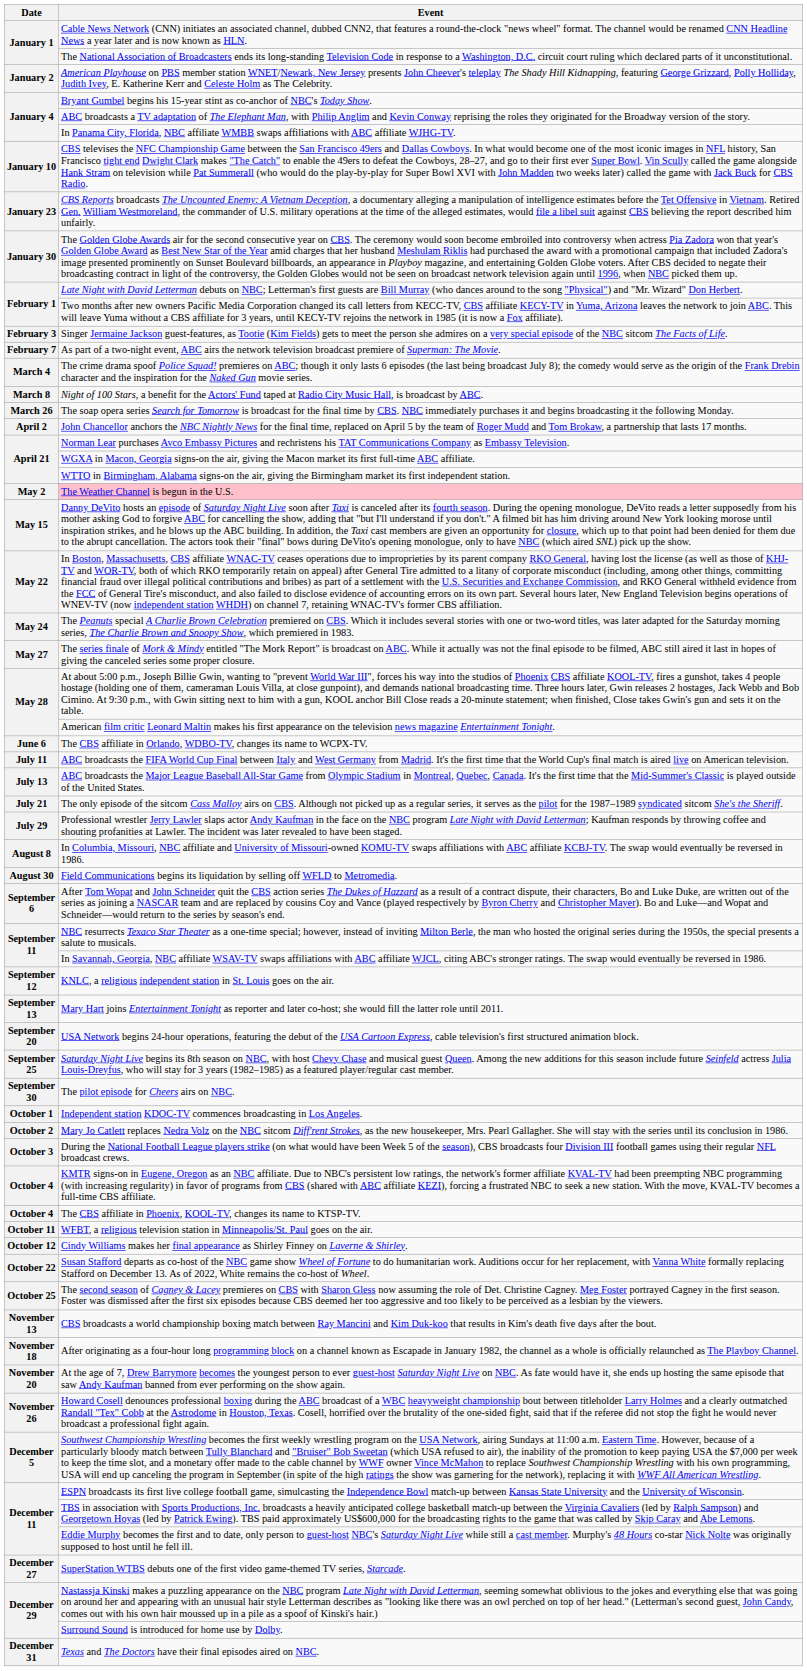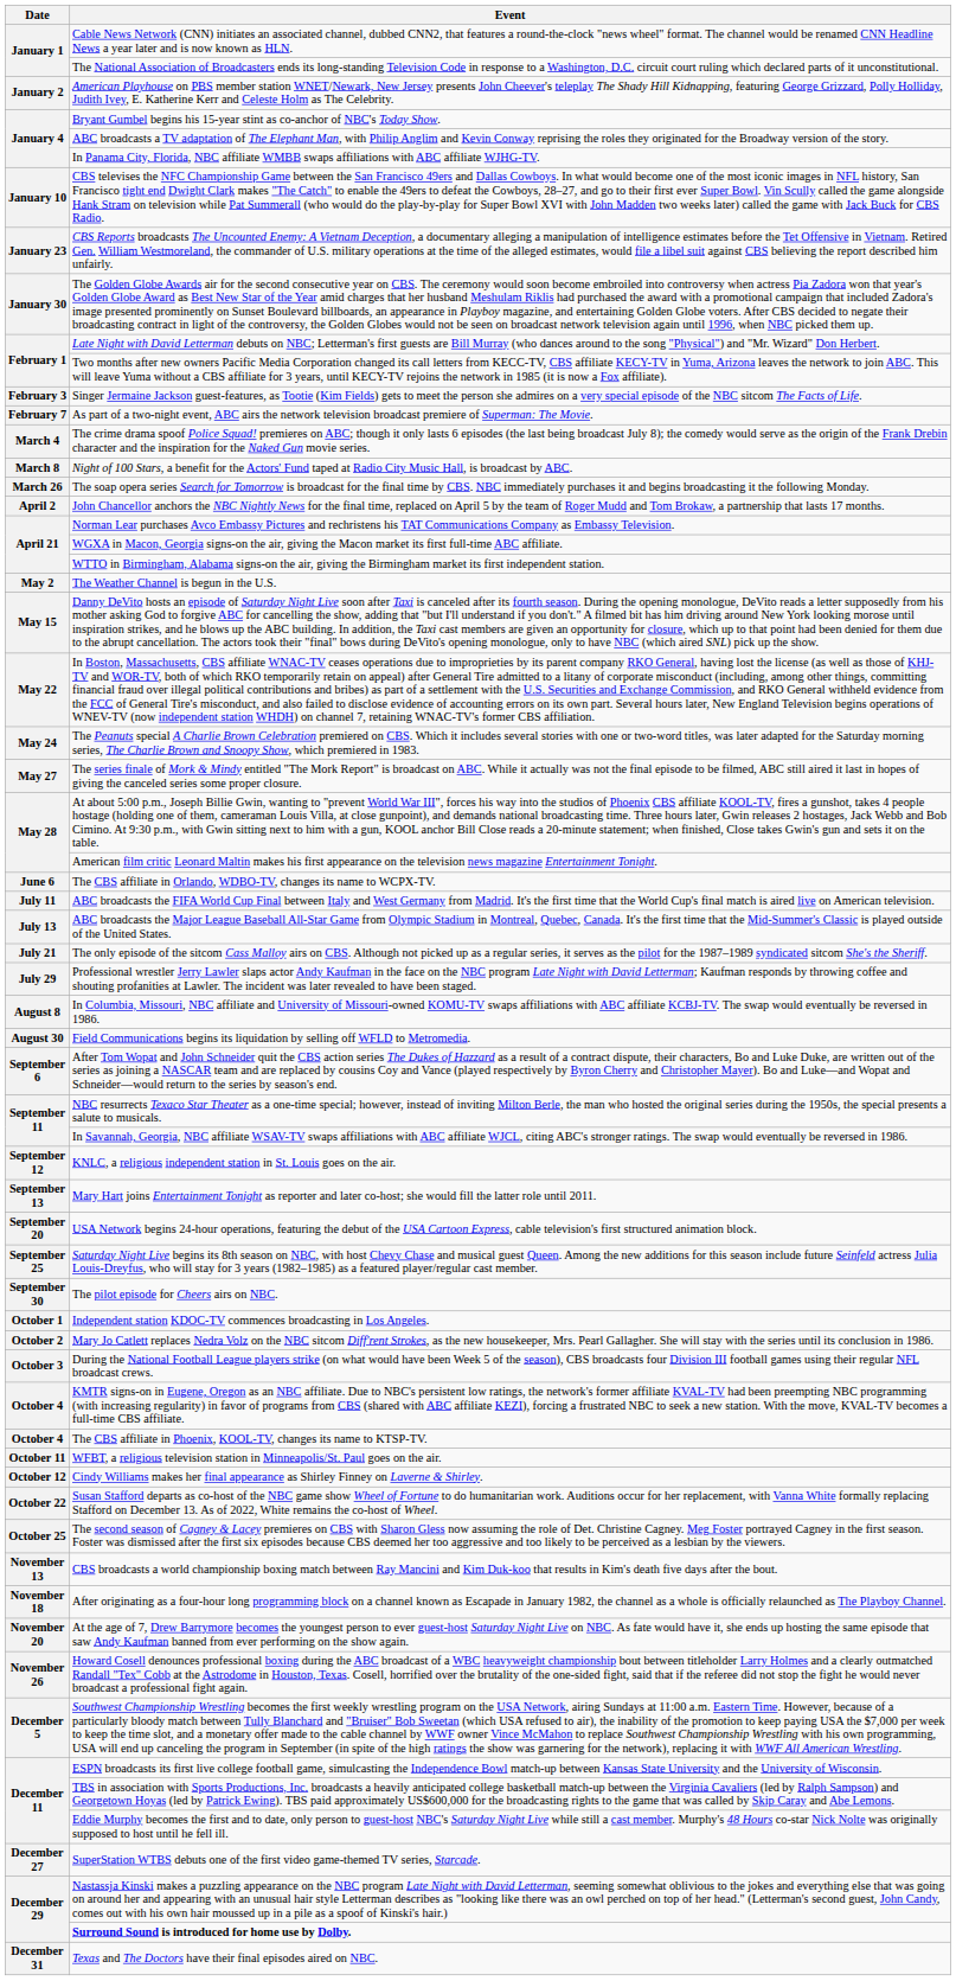 <table class="wikitable">
 <tr>
 <th>Date</th>
 <th>Event</th>
 </tr>
 <tr>
 <th rowspan="2">January 1</th>
 <td><a href='#'>Cable News Network</a> (CNN) initiates an associated channel, dubbed CNN2, that features a round-the-clock "news wheel" format. The channel would be renamed <a href='#'>CNN Headline News</a> a year later and is now known as <a href='#'>HLN</a>.</td>
 </tr>
 <tr>
 <td>The <a href='#'>National Association of Broadcasters</a> ends its long-standing <a href='#'>Television Code</a> in response to a <a href='#'>Washington, D.C.</a> circuit court ruling which declared parts of it unconstitutional.</td>
 </tr>
 <tr>
 <th>January 2</th>
 <td><em><a href='#'>American Playhouse</a></em> on <a href='#'>PBS</a> member station <a href='#'>WNET</a>/<a href='#'>Newark, New Jersey</a> presents <a href='#'>John Cheever</a>'s <a href='#'>teleplay</a> <em>The Shady Hill Kidnapping</em>, featuring <a href='#'>George Grizzard</a>, <a href='#'>Polly Holliday</a>, <a href='#'>Judith Ivey</a>, E. Katherine Kerr and <a href='#'>Celeste Holm</a> as The Celebrity.</td>
 </tr>
 <tr>
 <th rowspan="3">January 4</th>
 <td><a href='#'>Bryant Gumbel</a> begins his 15-year stint as co-anchor of <a href='#'>NBC</a>'s <em><a href='#'>Today Show</a></em>.</td>
 </tr>
 <tr>
 <td><a href='#'>ABC</a> broadcasts a <a href='#'>TV adaptation</a> of <em><a href='#'>The Elephant Man</a></em>, with <a href='#'>Philip Anglim</a> and <a href='#'>Kevin Conway</a> reprising the roles they originated for the Broadway version of the story.</td>
 </tr>
 <tr>
 <td>In <a href='#'>Panama City, Florida</a>, <a href='#'>NBC</a> affiliate <a href='#'>WMBB</a> swaps affiliations with <a href='#'>ABC</a> affiliate <a href='#'>WJHG-TV</a>.</td>
 </tr>
 <tr>
 <th>January 10</th>
 <td><a href='#'>CBS</a> televises the <a href='#'>NFC Championship Game</a> between the <a href='#'>San Francisco 49ers</a> and <a href='#'>Dallas Cowboys</a>. In what would become one of the most iconic images in <a href='#'>NFL</a> history, San Francisco <a href='#'>tight end</a> <a href='#'>Dwight Clark</a> makes <a href='#'>"The Catch"</a> to enable the 49ers to defeat the Cowboys, 28–27, and go to their first ever <a href='#'>Super Bowl</a>. <a href='#'>Vin Scully</a> called the game alongside <a href='#'>Hank Stram</a> on television while <a href='#'>Pat Summerall</a> (who would do the play-by-play for Super Bowl XVI with <a href='#'>John Madden</a> two weeks later) called the game with <a href='#'>Jack Buck</a> for <a href='#'>CBS Radio</a>.</td>
 </tr>
 <tr>
 <th>January 23</th>
 <td><em><a href='#'>CBS Reports</a></em> broadcasts <em><a href='#'>The Uncounted Enemy: A Vietnam Deception</a></em>, a documentary alleging a manipulation of intelligence estimates before the <a href='#'>Tet Offensive</a> in <a href='#'>Vietnam</a>. Retired <a href='#'>Gen.</a> <a href='#'>William Westmoreland</a>, the commander of U.S. military operations at the time of the alleged estimates, would <a href='#'>file a libel suit</a> against <a href='#'>CBS</a> believing the report described him unfairly.</td>
 </tr>
 <tr>
 <th>January 30</th>
 <td>The <a href='#'>Golden Globe Awards</a> air for the second consecutive year on <a href='#'>CBS</a>. The ceremony would soon become embroiled into controversy when actress <a href='#'>Pia Zadora</a> won that year's <a href='#'>Golden Globe Award</a> as <a href='#'>Best New Star of the Year</a> amid charges that her husband <a href='#'>Meshulam Riklis</a> had purchased the award with a promotional campaign that included Zadora's image presented prominently on Sunset Boulevard billboards, an appearance in <em>Playboy</em> magazine, and entertaining Golden Globe voters. After CBS decided to negate their broadcasting contract in light of the controversy, the Golden Globes would not be seen on broadcast network television again until <a href='#'>1996</a>, when <a href='#'>NBC</a> picked them up.</td>
 </tr>
 <tr>
 <th rowspan="2">February 1</th>
 <td><em><a href='#'>Late Night with David Letterman</a></em> debuts on <a href='#'>NBC</a>; Letterman's first guests are <a href='#'>Bill Murray</a> (who dances around to the song <a href='#'>"Physical"</a>) and "Mr. Wizard" <a href='#'>Don Herbert</a>.</td>
 </tr>
 <tr>
 <td>Two months after new owners Pacific Media Corporation changed its call letters from KECC-TV, <a href='#'>CBS</a> affiliate <a href='#'>KECY-TV</a> in <a href='#'>Yuma, Arizona</a> leaves the network to join <a href='#'>ABC</a>. This will leave Yuma without a CBS affiliate for 3 years, until KECY-TV rejoins the network in 1985 (it is now a <a href='#'>Fox</a> affiliate).</td>
 </tr>
 <tr>
 <th>February 3</th>
 <td>Singer <a href='#'>Jermaine Jackson</a> guest-features, as <a href='#'>Tootie</a> (<a href='#'>Kim Fields</a>) gets to meet the person she admires on a <a href='#'>very special episode</a> of the <a href='#'>NBC</a> sitcom <em><a href='#'>The Facts of Life</a></em>.</td>
 </tr>
 <tr>
 <th>February 7</th>
 <td>As part of a two-night event, <a href='#'>ABC</a> airs the network television broadcast premiere of <em><a href='#'>Superman: The Movie</a></em>.</td>
 </tr>
 <tr>
 <th>March 4</th>
 <td>The crime drama spoof <em><a href='#'>Police Squad!</a></em> premieres on <a href='#'>ABC</a>; though it only lasts 6 episodes (the last being broadcast July 8); the comedy would serve as the origin of the <a href='#'>Frank Drebin</a> character and the inspiration for the <em><a href='#'>Naked Gun</a></em> movie series.</td>
 </tr>
 <tr>
 <th>March 8</th>
 <td><em>Night of 100 Stars</em>, a benefit for the <a href='#'>Actors' Fund</a> taped at <a href='#'>Radio City Music Hall</a>, is broadcast by <a href='#'>ABC</a>.</td>
 </tr>
 <tr>
 <th>March 26</th>
 <td>The soap opera series <em><a href='#'>Search for Tomorrow</a></em> is broadcast for the final time by <a href='#'>CBS</a>. <a href='#'>NBC</a> immediately purchases it and begins broadcasting it the following Monday.</td>
 </tr>
 <tr>
 <th>April 2</th>
 <td><a href='#'>John Chancellor</a> anchors the <em><a href='#'>NBC Nightly News</a></em> for the final time, replaced on April 5 by the team of <a href='#'>Roger Mudd</a> and <a href='#'>Tom Brokaw</a>, a partnership that lasts 17 months.</td>
 </tr>
 <tr>
 <th rowspan="3">April 21</th>
 <td><a href='#'>Norman Lear</a> purchases <a href='#'>Avco Embassy Pictures</a> and rechristens his <a href='#'>TAT Communications Company</a> as <a href='#'>Embassy Television</a>.</td>
 </tr>
 <tr>
 <td><a href='#'>WGXA</a> in <a href='#'>Macon, Georgia</a> signs-on the air, giving the Macon market its first full-time <a href='#'>ABC</a> affiliate.</td>
 </tr>
 <tr>
 <td><a href='#'>WTTO</a> in <a href='#'>Birmingham, Alabama</a> signs-on the air, giving the Birmingham market its first independent station.</td>
 </tr>
 <tr>
 <th>May 2</th>
-<td style="background: pink;"><a href='#'>The Weather Channel</a> is begun in the U.S.</td>
+<td><a href='#'>The Weather Channel</a> is begun in the U.S.</td>
 </tr>
 <tr>
 <th>May 15</th>
 <td><a href='#'>Danny DeVito</a> hosts an <a href='#'>episode</a> of <em><a href='#'>Saturday Night Live</a></em> soon after <em><a href='#'>Taxi</a></em> is canceled after its <a href='#'>fourth season</a>. During the opening monologue, DeVito reads a letter supposedly from his mother asking God to forgive <a href='#'>ABC</a> for cancelling the show, adding that "but I'll understand if you don't." A filmed bit has him driving around New York looking morose until inspiration strikes, and he blows up the ABC building. In addition, the <em>Taxi</em> cast members are given an opportunity for <a href='#'>closure</a>, which up to that point had been denied for them due to the abrupt cancellation. The actors took their "final" bows during DeVito's opening monologue, only to have <a href='#'>NBC</a> (which aired <em>SNL</em>) pick up the show.</td>
 </tr>
 <tr>
 <th>May 22</th>
 <td>In <a href='#'>Boston</a>, <a href='#'>Massachusetts</a>, <a href='#'>CBS</a> affiliate <a href='#'>WNAC-TV</a> ceases operations due to improprieties by its parent company <a href='#'>RKO General</a>, having lost the license (as well as those of <a href='#'>KHJ-TV</a> and <a href='#'>WOR-TV</a>, both of which RKO temporarily retain on appeal) after General Tire admitted to a litany of corporate misconduct (including, among other things, committing financial fraud over illegal political contributions and bribes) as part of a settlement with the <a href='#'>U.S. Securities and Exchange Commission</a>, and RKO General withheld evidence from the <a href='#'>FCC</a> of General Tire's misconduct, and also failed to disclose evidence of accounting errors on its own part. Several hours later, New England Television begins operations of WNEV-TV (now <a href='#'>independent station</a> <a href='#'>WHDH</a>) on channel 7, retaining WNAC-TV's former CBS affiliation.</td>
 </tr>
 <tr>
 <th>May 24</th>
 <td>The <em><a href='#'>Peanuts</a></em> special <em><a href='#'>A Charlie Brown Celebration</a></em> premiered on <a href='#'>CBS</a>. Which it includes several stories with one or two-word titles, was later adapted for the Saturday morning series, <em><a href='#'>The Charlie Brown and Snoopy Show</a></em>, which premiered in 1983.</td>
 </tr>
 <tr>
 <th>May 27</th>
 <td>The <a href='#'>series finale</a> of <em><a href='#'>Mork & Mindy</a></em> entitled "The Mork Report" is broadcast on <a href='#'>ABC</a>. While it actually was not the final episode to be filmed, ABC still aired it last in hopes of giving the canceled series some proper closure.</td>
 </tr>
 <tr>
 <th rowspan="2">May 28</th>
 <td>At about 5:00 p.m., Joseph Billie Gwin, wanting to "prevent <a href='#'>World War III</a>", forces his way into the studios of <a href='#'>Phoenix</a> <a href='#'>CBS</a> affiliate <a href='#'>KOOL-TV</a>, fires a gunshot, takes 4 people hostage (holding one of them, cameraman Louis Villa, at close gunpoint), and demands national broadcasting time. Three hours later, Gwin releases 2 hostages, Jack Webb and Bob Cimino. At 9:30 p.m., with Gwin sitting next to him with a gun, KOOL anchor Bill Close reads a 20-minute statement; when finished, Close takes Gwin's gun and sets it on the table.</td>
 </tr>
 <tr>
 <td>American <a href='#'>film critic</a> <a href='#'>Leonard Maltin</a> makes his first appearance on the television <a href='#'>news magazine</a> <em><a href='#'>Entertainment Tonight</a></em>.</td>
 </tr>
 <tr>
 <th>June 6</th>
 <td>The <a href='#'>CBS</a> affiliate in <a href='#'>Orlando</a>, <a href='#'>WDBO-TV</a>, changes its name to WCPX-TV.</td>
 </tr>
 <tr>
 <th>July 11</th>
 <td><a href='#'>ABC</a> broadcasts the <a href='#'>FIFA World Cup Final</a> between <a href='#'>Italy</a> and <a href='#'>West Germany</a> from <a href='#'>Madrid</a>. It's the first time that the World Cup's final match is aired <a href='#'>live</a> on American television.</td>
 </tr>
 <tr>
 <th>July 13</th>
 <td><a href='#'>ABC</a> broadcasts the <a href='#'>Major League Baseball All-Star Game</a> from <a href='#'>Olympic Stadium</a> in <a href='#'>Montreal</a>, <a href='#'>Quebec</a>, <a href='#'>Canada</a>. It's the first time that the <a href='#'>Mid-Summer's Classic</a> is played outside of the United States.</td>
 </tr>
 <tr>
 <th>July 21</th>
 <td>The only episode of the sitcom <em><a href='#'>Cass Malloy</a></em> airs on <a href='#'>CBS</a>. Although not picked up as a regular series, it serves as the <a href='#'>pilot</a> for the 1987–1989 <a href='#'>syndicated</a> sitcom <em><a href='#'>She's the Sheriff</a></em>.</td>
 </tr>
 <tr>
 <th>July 29</th>
 <td>Professional wrestler <a href='#'>Jerry Lawler</a> slaps actor <a href='#'>Andy Kaufman</a> in the face on the <a href='#'>NBC</a> program <em><a href='#'>Late Night with David Letterman</a></em>; Kaufman responds by throwing coffee and shouting profanities at Lawler. The incident was later revealed to have been staged.</td>
 </tr>
 <tr>
 <th>August 8</th>
 <td>In <a href='#'>Columbia, Missouri</a>, <a href='#'>NBC</a> affiliate and <a href='#'>University of Missouri</a>-owned <a href='#'>KOMU-TV</a> swaps affiliations with <a href='#'>ABC</a> affiliate <a href='#'>KCBJ-TV</a>. The swap would eventually be reversed in 1986.</td>
 </tr>
 <tr>
 <th>August 30</th>
 <td><a href='#'>Field Communications</a> begins its liquidation by selling off <a href='#'>WFLD</a> to <a href='#'>Metromedia</a>.</td>
 </tr>
 <tr>
 <th>September 6</th>
 <td>After <a href='#'>Tom Wopat</a> and <a href='#'>John Schneider</a> quit the <a href='#'>CBS</a> action series <em><a href='#'>The Dukes of Hazzard</a></em> as a result of a contract dispute, their characters, Bo and Luke Duke, are written out of the series as joining a <a href='#'>NASCAR</a> team and are replaced by cousins Coy and Vance (played respectively by <a href='#'>Byron Cherry</a> and <a href='#'>Christopher Mayer</a>). Bo and Luke—and Wopat and Schneider—would return to the series by season's end.</td>
 </tr>
 <tr>
 <th rowspan="2">September 11</th>
 <td><a href='#'>NBC</a> resurrects <em><a href='#'>Texaco Star Theater</a></em> as a one-time special; however, instead of inviting <a href='#'>Milton Berle</a>, the man who hosted the original series during the 1950s, the special presents a salute to musicals.</td>
 </tr>
 <tr>
 <td>In <a href='#'>Savannah, Georgia</a>, <a href='#'>NBC</a> affiliate <a href='#'>WSAV-TV</a> swaps affiliations with <a href='#'>ABC</a> affiliate <a href='#'>WJCL</a>, citing ABC's stronger ratings. The swap would eventually be reversed in 1986.</td>
 </tr>
 <tr>
 <th>September 12</th>
 <td><a href='#'>KNLC</a>, a <a href='#'>religious</a> <a href='#'>independent station</a> in <a href='#'>St. Louis</a> goes on the air.</td>
 </tr>
 <tr>
 <th>September 13</th>
 <td><a href='#'>Mary Hart</a> joins <em><a href='#'>Entertainment Tonight</a></em> as reporter and later co-host; she would fill the latter role until 2011.</td>
 </tr>
 <tr>
 <th>September 20</th>
 <td><a href='#'>USA Network</a> begins 24-hour operations, featuring the debut of the <em><a href='#'>USA Cartoon Express</a></em>, cable television's first structured animation block.</td>
 </tr>
 <tr>
 <th>September 25</th>
 <td><em><a href='#'>Saturday Night Live</a></em> begins its 8th season on <a href='#'>NBC</a>, with host <a href='#'>Chevy Chase</a> and musical guest <a href='#'>Queen</a>. Among the new additions for this season include future <em><a href='#'>Seinfeld</a></em> actress <a href='#'>Julia Louis-Dreyfus</a>, who will stay for 3 years (1982–1985) as a featured player/regular cast member.</td>
 </tr>
 <tr>
 <th>September 30</th>
 <td>The <a href='#'>pilot episode</a> for <em><a href='#'>Cheers</a></em> airs on <a href='#'>NBC</a>.</td>
 </tr>
 <tr>
 <th>October 1</th>
 <td><a href='#'>Independent station</a> <a href='#'>KDOC-TV</a> commences broadcasting in <a href='#'>Los Angeles</a>.</td>
 </tr>
 <tr>
 <th>October 2</th>
 <td><a href='#'>Mary Jo Catlett</a> replaces <a href='#'>Nedra Volz</a> on the <a href='#'>NBC</a> sitcom <em><a href='#'>Diff'rent Strokes</a></em>, as the new housekeeper, Mrs. Pearl Gallagher. She will stay with the series until its conclusion in 1986.</td>
 </tr>
 <tr>
 <th>October 3</th>
 <td>During the <a href='#'>National Football League players strike</a> (on what would have been Week 5 of the <a href='#'>season</a>), CBS broadcasts four <a href='#'>Division III</a> football games using their regular <a href='#'>NFL</a> broadcast crews.</td>
 </tr>
 <tr>
 <th>October 4</th>
 <td><a href='#'>KMTR</a> signs-on in <a href='#'>Eugene, Oregon</a> as an <a href='#'>NBC</a> affiliate. Due to NBC's persistent low ratings, the network's former affiliate <a href='#'>KVAL-TV</a> had been preempting NBC programming (with increasing regularity) in favor of programs from <a href='#'>CBS</a> (shared with <a href='#'>ABC</a> affiliate <a href='#'>KEZI</a>), forcing a frustrated NBC to seek a new station. With the move, KVAL-TV becomes a full-time CBS affiliate.</td>
 </tr>
 <tr>
 <th>October 4</th>
 <td>The <a href='#'>CBS</a> affiliate in <a href='#'>Phoenix</a>, <a href='#'>KOOL-TV</a>, changes its name to KTSP-TV.</td>
 </tr>
 <tr>
 <th>October 11</th>
 <td><a href='#'>WFBT</a>, a <a href='#'>religious</a> television station in <a href='#'>Minneapolis/St. Paul</a> goes on the air.</td>
 </tr>
 <tr>
 <th>October 12</th>
 <td><a href='#'>Cindy Williams</a> makes her <a href='#'>final appearance</a> as Shirley Finney on <em><a href='#'>Laverne & Shirley</a></em>.</td>
 </tr>
 <tr>
 <th>October 22</th>
 <td><a href='#'>Susan Stafford</a> departs as co-host of the <a href='#'>NBC</a> game show <em><a href='#'>Wheel of Fortune</a></em> to do humanitarian work. Auditions occur for her replacement, with <a href='#'>Vanna White</a> formally replacing Stafford on December 13. As of 2022, White remains the co-host of <em>Wheel</em>.</td>
 </tr>
 <tr>
 <th>October 25</th>
 <td>The <a href='#'>second season</a> of <em><a href='#'>Cagney & Lacey</a></em> premieres on <a href='#'>CBS</a> with <a href='#'>Sharon Gless</a> now assuming the role of Det. Christine Cagney. <a href='#'>Meg Foster</a> portrayed Cagney in the first season. Foster was dismissed after the first six episodes because CBS deemed her too aggressive and too likely to be perceived as a lesbian by the viewers.</td>
 </tr>
 <tr>
 <th>November 13</th>
 <td><a href='#'>CBS</a> broadcasts a world championship boxing match between <a href='#'>Ray Mancini</a> and <a href='#'>Kim Duk-koo</a> that results in Kim's death five days after the bout.</td>
 </tr>
 <tr>
 <th>November 18</th>
 <td>After originating as a four-hour long <a href='#'>programming block</a> on a channel known as Escapade in January 1982, the channel as a whole is officially relaunched as <a href='#'>The Playboy Channel</a>.</td>
 </tr>
 <tr>
 <th>November 20</th>
 <td>At the age of 7, <a href='#'>Drew Barrymore</a> <a href='#'>becomes</a> the youngest person to ever <a href='#'>guest-host</a> <em><a href='#'>Saturday Night Live</a></em> on <a href='#'>NBC</a>. As fate would have it, she ends up hosting the same episode that saw <a href='#'>Andy Kaufman</a> banned from ever performing on the show again.</td>
 </tr>
 <tr>
 <th>November 26</th>
 <td><a href='#'>Howard Cosell</a> denounces professional <a href='#'>boxing</a> during the <a href='#'>ABC</a> broadcast of a <a href='#'>WBC</a> <a href='#'>heavyweight championship</a> bout between titleholder <a href='#'>Larry Holmes</a> and a clearly outmatched <a href='#'>Randall "Tex" Cobb</a> at the <a href='#'>Astrodome</a> in <a href='#'>Houston, Texas</a>. Cosell, horrified over the brutality of the one-sided fight, said that if the referee did not stop the fight he would never broadcast a professional fight again.</td>
 </tr>
 <tr>
 <th>December 5</th>
 <td><em><a href='#'>Southwest Championship Wrestling</a></em> becomes the first weekly wrestling program on the <a href='#'>USA Network</a>, airing Sundays at 11:00 a.m. <a href='#'>Eastern Time</a>. However, because of a particularly bloody match between <a href='#'>Tully Blanchard</a> and <a href='#'>"Bruiser" Bob Sweetan</a> (which USA refused to air), the inability of the promotion to keep paying USA the $7,000 per week to keep the time slot, and a monetary offer made to the cable channel by <a href='#'>WWF</a> owner <a href='#'>Vince McMahon</a> to replace <em>Southwest Championship Wrestling</em> with his own programming, USA will end up canceling the program in September (in spite of the high <a href='#'>ratings</a> the show was garnering for the network), replacing it with <em><a href='#'>WWF All American Wrestling</a></em>.</td>
 </tr>
 <tr>
 <th rowspan="3">December 11</th>
 <td><a href='#'>ESPN</a> broadcasts its first live college football game, simulcasting the <a href='#'>Independence Bowl</a> match-up between <a href='#'>Kansas State University</a> and the <a href='#'>University of Wisconsin</a>.</td>
 </tr>
 <tr>
 <td><a href='#'>TBS</a> in association with <a href='#'>Sports Productions, Inc.</a> broadcasts a heavily anticipated college basketball match-up between the <a href='#'>Virginia Cavaliers</a> (led by <a href='#'>Ralph Sampson</a>) and <a href='#'>Georgetown Hoyas</a> (led by <a href='#'>Patrick Ewing</a>). TBS paid approximately US$600,000 for the broadcasting rights to the game that was called by <a href='#'>Skip Caray</a> and <a href='#'>Abe Lemons</a>.</td>
 </tr>
 <tr>
 <td><a href='#'>Eddie Murphy</a> becomes the first and to date, only person to <a href='#'>guest-host</a> <a href='#'>NBC</a>'s <em><a href='#'>Saturday Night Live</a></em> while still a <a href='#'>cast member</a>. Murphy's <em><a href='#'>48 Hours</a></em> co-star <a href='#'>Nick Nolte</a> was originally supposed to host until he fell ill.</td>
 </tr>
 <tr>
 <th>December 27</th>
 <td><a href='#'>SuperStation WTBS</a> debuts one of the first video game-themed TV series, <em><a href='#'>Starcade</a></em>.</td>
 </tr>
 <tr>
 <th rowspan="2">December 29</th>
 <td><a href='#'>Nastassja Kinski</a> makes a puzzling appearance on the <a href='#'>NBC</a> program <em><a href='#'>Late Night with David Letterman</a></em>, seeming somewhat oblivious to the jokes and everything else that was going on around her and appearing with an unusual hair style Letterman describes as "looking like there was an owl perched on top of her head." (Letterman's second guest, <a href='#'>John Candy</a>, comes out with his own hair moussed up in a pile as a spoof of Kinski's hair.)</td>
 </tr>
 <tr>
-<td><a href='#'>Surround Sound</a> is introduced for home use by <a href='#'>Dolby</a>.</td>
+<td><strong><a href='#'>Surround Sound</a> is introduced for home use by <a href='#'>Dolby</a>.</strong></td>
 </tr>
 <tr>
 <th>December 31</th>
 <td><em><a href='#'>Texas</a></em> and <em><a href='#'>The Doctors</a></em> have their final episodes aired on <a href='#'>NBC</a>.</td>
 </tr>
 </table>
